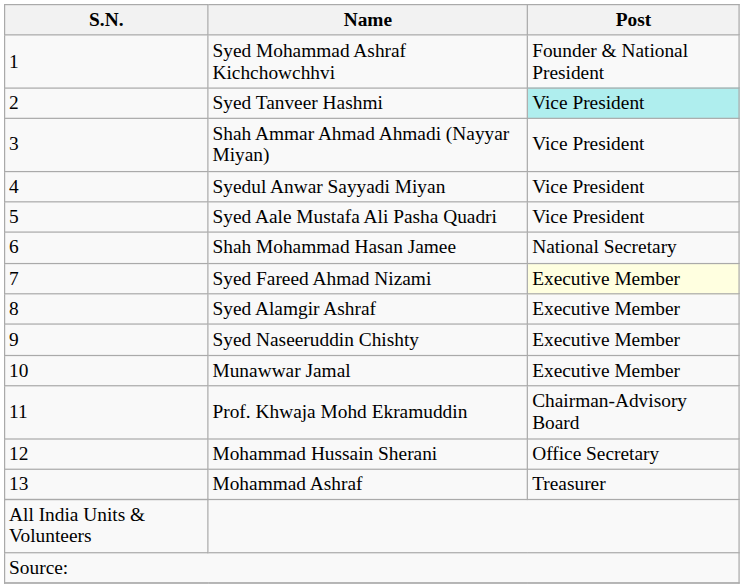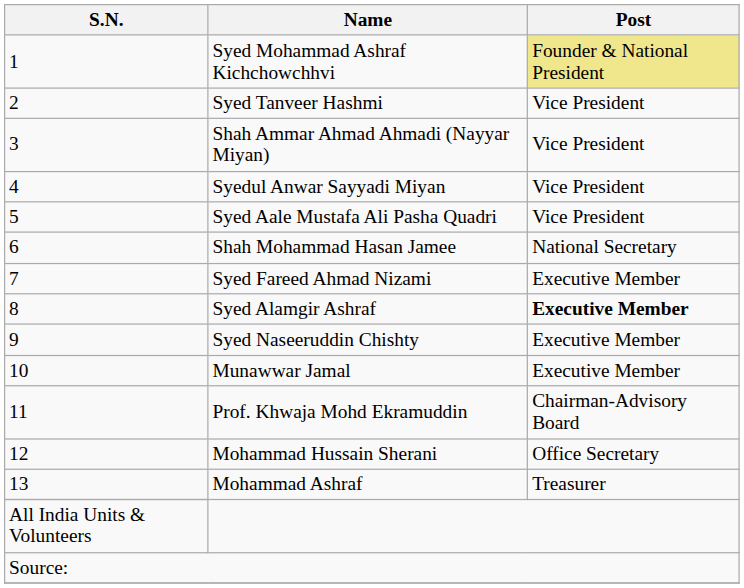 <table class="wikitable">
 <tr>
 <th>S.N.</th>
 <th>Name</th>
 <th>Post</th>
 </tr>
 <tr>
 <td>1</td>
 <td>Syed Mohammad Ashraf Kichchowchhvi</td>
-<td>Founder & National President</td>
+<td style="background: khaki;">Founder & National President</td>
 </tr>
 <tr>
 <td>2</td>
 <td>Syed Tanveer Hashmi</td>
-<td style="background: paleturquoise;">Vice President</td>
+<td>Vice President</td>
 </tr>
 <tr>
 <td>3</td>
 <td>Shah Ammar Ahmad Ahmadi (Nayyar Miyan)</td>
 <td>Vice President</td>
 </tr>
 <tr>
 <td>4</td>
 <td>Syedul Anwar Sayyadi Miyan</td>
 <td>Vice President</td>
 </tr>
 <tr>
 <td>5</td>
 <td>Syed Aale Mustafa Ali Pasha Quadri</td>
 <td>Vice President</td>
 </tr>
 <tr>
 <td>6</td>
 <td>Shah Mohammad Hasan Jamee</td>
 <td>National Secretary</td>
 </tr>
 <tr>
 <td>7</td>
 <td>Syed Fareed Ahmad Nizami</td>
-<td style="background: lightyellow;">Executive Member</td>
+<td>Executive Member</td>
 </tr>
 <tr>
 <td>8</td>
 <td>Syed Alamgir Ashraf</td>
-<td>Executive Member</td>
+<td><strong>Executive Member</strong></td>
 </tr>
 <tr>
 <td>9</td>
 <td>Syed Naseeruddin Chishty</td>
 <td>Executive Member</td>
 </tr>
 <tr>
 <td>10</td>
 <td>Munawwar Jamal</td>
 <td>Executive Member</td>
 </tr>
 <tr>
 <td>11</td>
 <td>Prof. Khwaja Mohd Ekramuddin</td>
 <td>Chairman-Advisory Board</td>
 </tr>
 <tr>
 <td>12</td>
 <td>Mohammad Hussain Sherani</td>
 <td>Office Secretary</td>
 </tr>
 <tr>
 <td>13</td>
 <td>Mohammad Ashraf</td>
 <td>Treasurer</td>
 </tr>
 <tr>
 </tr>
 <tr>
 <td>All India Units & Volunteers</td>
 </tr>
 <tr>
 <td colspan="3">Source:</td>
 </tr>
 <tr>
 </tr>
 </table>
